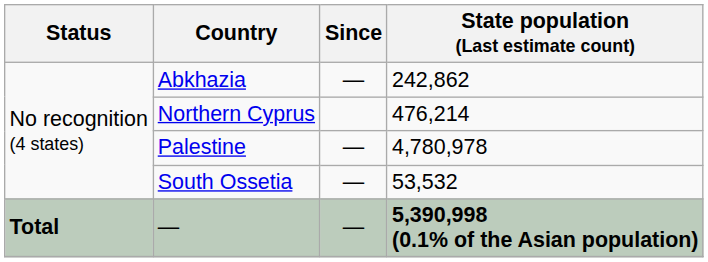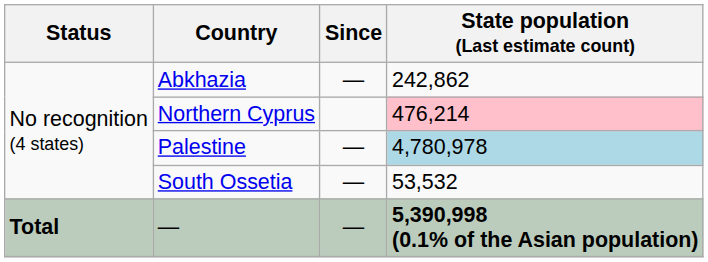 <table class="wikitable" style="width:sortable%">
 <tr>
 <th>Status</th>
 <th>Country</th>
 <th>Since</th>
 <th>State population<br><small>(Last estimate count)</small></th>
 </tr>
 <tr>
 <td rowspan="4">No recognition <br><small>(4 states)</small> <br></td>
 <td> <a href='#'>Abkhazia</a></td>
 <td align=center>—</td>
 <td>242,862</td>
 </tr>
 <tr>
 <td> <a href='#'>Northern Cyprus</a></td>
 <td></td>
-<td>476,214</td>
+<td style="background: pink;">476,214</td>
 </tr>
 <tr>
 <td> <a href='#'>Palestine</a></td>
 <td align=center>—</td>
-<td>4,780,978</td>
+<td style="background: lightblue;">4,780,978</td>
 </tr>
 <tr>
 <td> <a href='#'>South Ossetia</a></td>
 <td align=center>—</td>
 <td>53,532</td>
 </tr>
 <tr class="sortbottom" style="background:#bcccbc;">
 <td><strong>Total</strong></td>
 <td>—</td>
 <td align=center>—</td>
 <td><strong>5,390,998<br>(0.1% of the Asian population)</strong></td>
 </tr>
 <tr>
 </tr>
 </table>
